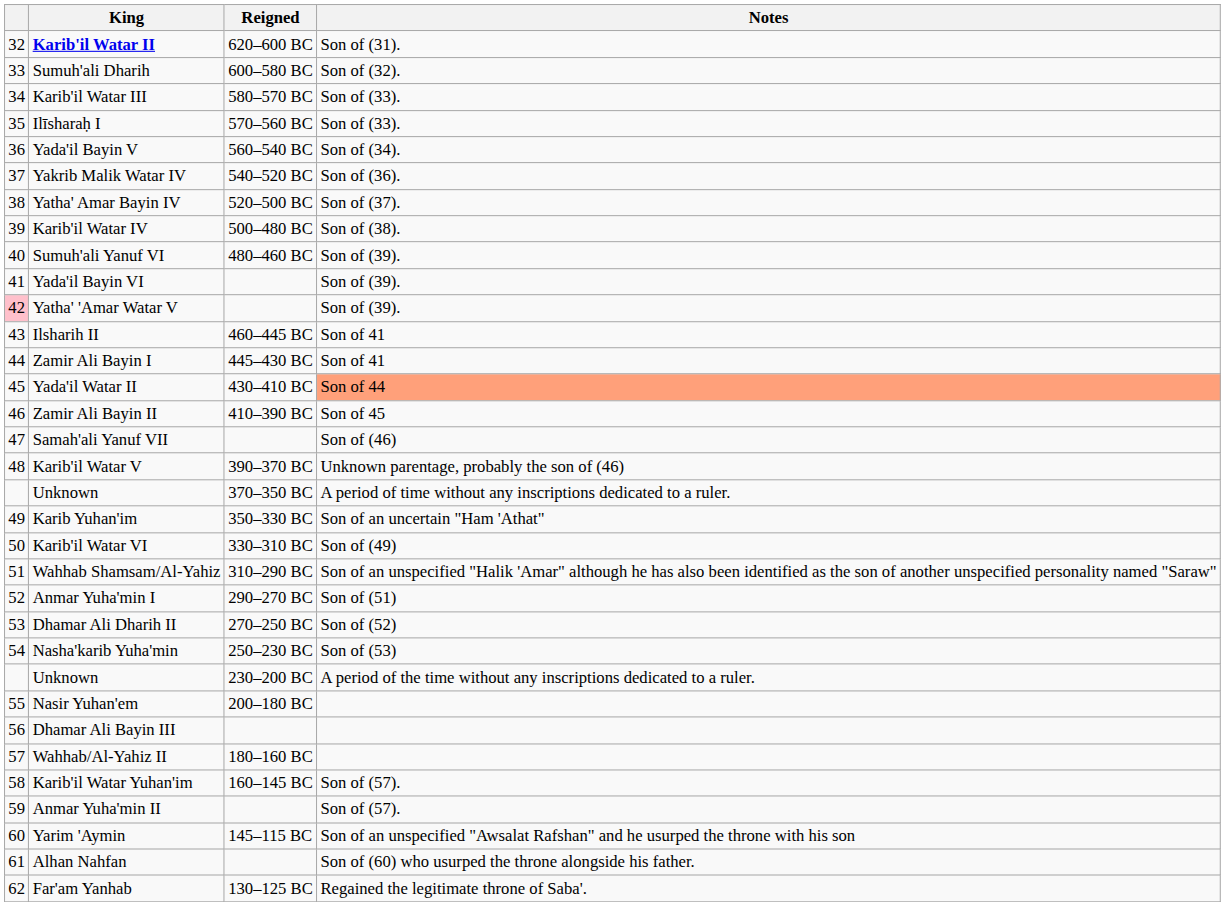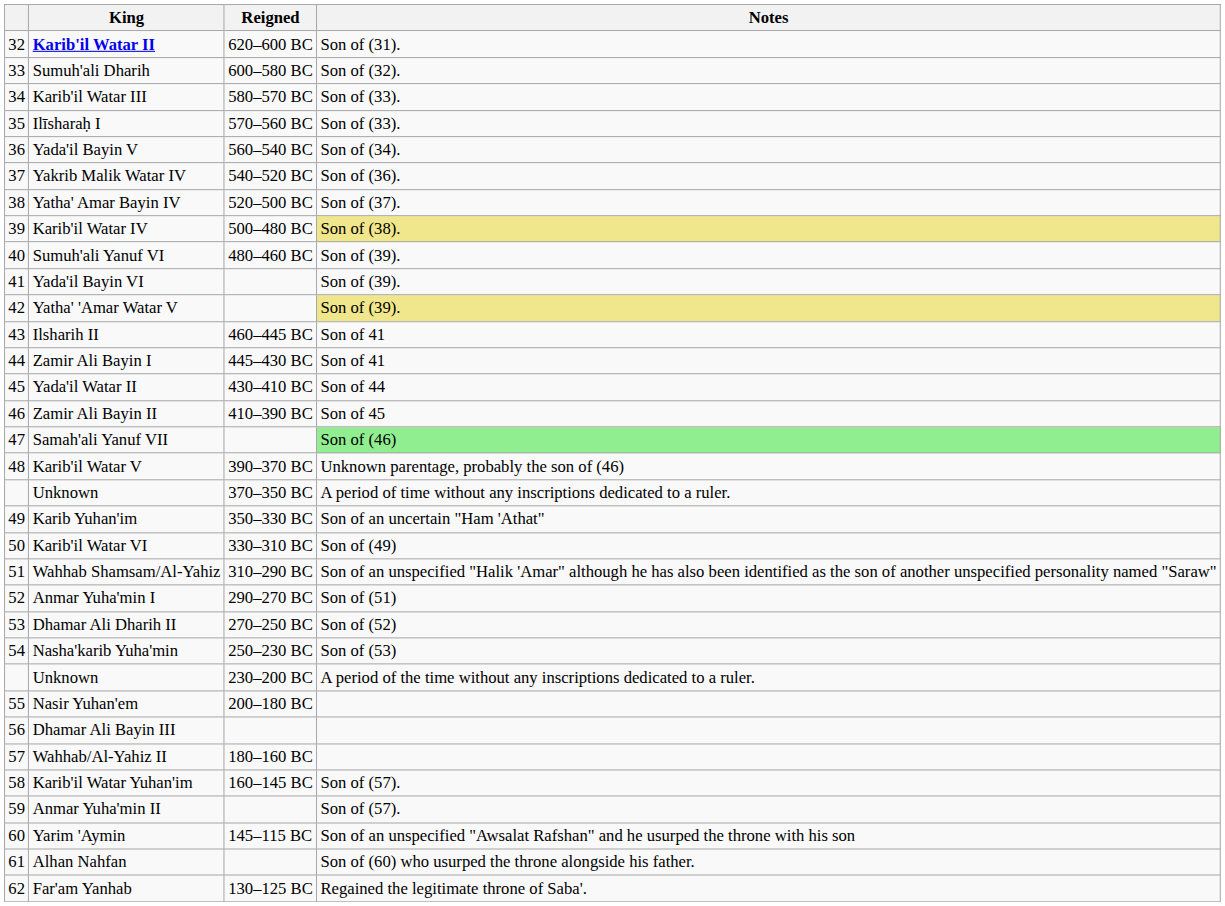 <table class="wikitable sortable">
 <tr>
 <th></th>
 <th>King</th>
 <th>Reigned</th>
 <th>Notes</th>
 </tr>
 <tr>
 <td>32</td>
 <td><strong><a href='#'>Karib'il Watar II</a></strong></td>
 <td>620–600 BC</td>
 <td>Son of (31).</td>
 </tr>
 <tr>
 <td>33</td>
 <td>Sumuh'ali Dharih</td>
 <td>600–580 BC</td>
 <td>Son of (32).</td>
 </tr>
 <tr>
 <td>34</td>
 <td>Karib'il Watar III</td>
 <td>580–570 BC</td>
 <td>Son of (33).</td>
 </tr>
 <tr>
 <td>35</td>
 <td>Ilīsharaḥ I</td>
 <td>570–560 BC</td>
 <td>Son of (33).</td>
 </tr>
 <tr>
 <td>36</td>
 <td>Yada'il Bayin V</td>
 <td>560–540 BC</td>
 <td>Son of (34).</td>
 </tr>
 <tr>
 <td>37</td>
 <td>Yakrib Malik Watar IV</td>
 <td>540–520 BC</td>
 <td>Son of (36).</td>
 </tr>
 <tr>
 <td>38</td>
 <td>Yatha' Amar Bayin IV</td>
 <td>520–500 BC</td>
 <td>Son of (37).</td>
 </tr>
 <tr>
 <td>39</td>
 <td>Karib'il Watar IV</td>
 <td>500–480 BC</td>
-<td>Son of (38).</td>
+<td style="background: khaki;">Son of (38).</td>
 </tr>
 <tr>
 <td>40</td>
 <td>Sumuh'ali Yanuf VI</td>
 <td>480–460 BC</td>
 <td>Son of (39).</td>
 </tr>
 <tr>
 <td>41</td>
 <td>Yada'il Bayin VI</td>
 <td></td>
 <td>Son of (39).</td>
 </tr>
 <tr>
-<td style="background: pink;">42</td>
+<td>42</td>
 <td>Yatha' 'Amar Watar V</td>
 <td></td>
-<td>Son of (39).</td>
+<td style="background: khaki;">Son of (39).</td>
 </tr>
 <tr>
 <td>43</td>
 <td>Ilsharih II</td>
 <td>460–445 BC</td>
 <td>Son of 41</td>
 </tr>
 <tr>
 <td>44</td>
 <td>Zamir Ali Bayin I</td>
 <td>445–430 BC</td>
 <td>Son of 41</td>
 </tr>
 <tr>
 <td>45</td>
 <td>Yada'il Watar II</td>
 <td>430–410 BC</td>
-<td style="background: lightsalmon;">Son of 44</td>
+<td>Son of 44</td>
 </tr>
 <tr>
 <td>46</td>
 <td>Zamir Ali Bayin II</td>
 <td>410–390 BC</td>
 <td>Son of 45</td>
 </tr>
 <tr>
 <td>47</td>
 <td>Samah'ali Yanuf VII</td>
 <td></td>
-<td>Son of (46)</td>
+<td style="background: lightgreen;">Son of (46)</td>
 </tr>
 <tr>
 <td>48</td>
 <td>Karib'il Watar V</td>
 <td>390–370 BC</td>
 <td>Unknown parentage, probably the son of (46)</td>
 </tr>
 <tr>
 <td></td>
 <td>Unknown</td>
 <td>370–350 BC</td>
 <td>A period of time without any inscriptions dedicated to a ruler.</td>
 </tr>
 <tr>
 <td>49</td>
 <td>Karib Yuhan'im</td>
 <td>350–330 BC</td>
 <td>Son of an uncertain "Ham 'Athat"</td>
 </tr>
 <tr>
 <td>50</td>
 <td>Karib'il Watar VI</td>
 <td>330–310 BC</td>
 <td>Son of (49)</td>
 </tr>
 <tr>
 <td>51</td>
 <td>Wahhab Shamsam/Al-Yahiz</td>
 <td>310–290 BC</td>
 <td>Son of an unspecified "Halik 'Amar" although he has also been identified as the son of another unspecified personality named "Saraw"</td>
 </tr>
 <tr>
 <td>52</td>
 <td>Anmar Yuha'min I</td>
 <td>290–270 BC</td>
 <td>Son of (51)</td>
 </tr>
 <tr>
 <td>53</td>
 <td>Dhamar Ali Dharih II</td>
 <td>270–250 BC</td>
 <td>Son of (52)</td>
 </tr>
 <tr>
 <td>54</td>
 <td>Nasha'karib Yuha'min</td>
 <td>250–230 BC</td>
 <td>Son of (53)</td>
 </tr>
 <tr>
 <td></td>
 <td>Unknown</td>
 <td>230–200 BC</td>
 <td>A period of the time without any inscriptions dedicated to a ruler.</td>
 </tr>
 <tr>
 <td>55</td>
 <td>Nasir Yuhan'em</td>
 <td>200–180 BC</td>
 <td></td>
 </tr>
 <tr>
 <td>56</td>
 <td>Dhamar Ali Bayin III</td>
 <td></td>
 <td></td>
 </tr>
 <tr>
 <td>57</td>
 <td>Wahhab/Al-Yahiz II</td>
 <td>180–160 BC</td>
 <td></td>
 </tr>
 <tr>
 <td>58</td>
 <td>Karib'il Watar Yuhan'im</td>
 <td>160–145 BC</td>
 <td>Son of (57).</td>
 </tr>
 <tr>
 <td>59</td>
 <td>Anmar Yuha'min II</td>
 <td></td>
 <td>Son of (57).</td>
 </tr>
 <tr>
 <td>60</td>
 <td>Yarim 'Aymin</td>
 <td>145–115 BC</td>
 <td>Son of an unspecified "Awsalat Rafshan" and he usurped the throne with his son</td>
 </tr>
 <tr>
 <td>61</td>
 <td>Alhan Nahfan</td>
 <td></td>
 <td>Son of (60) who usurped the throne alongside his father.</td>
 </tr>
 <tr>
 <td>62</td>
 <td>Far'am Yanhab</td>
 <td>130–125 BC</td>
 <td>Regained the legitimate throne of Saba'.</td>
 </tr>
 <tr>
 </tr>
 </table>
